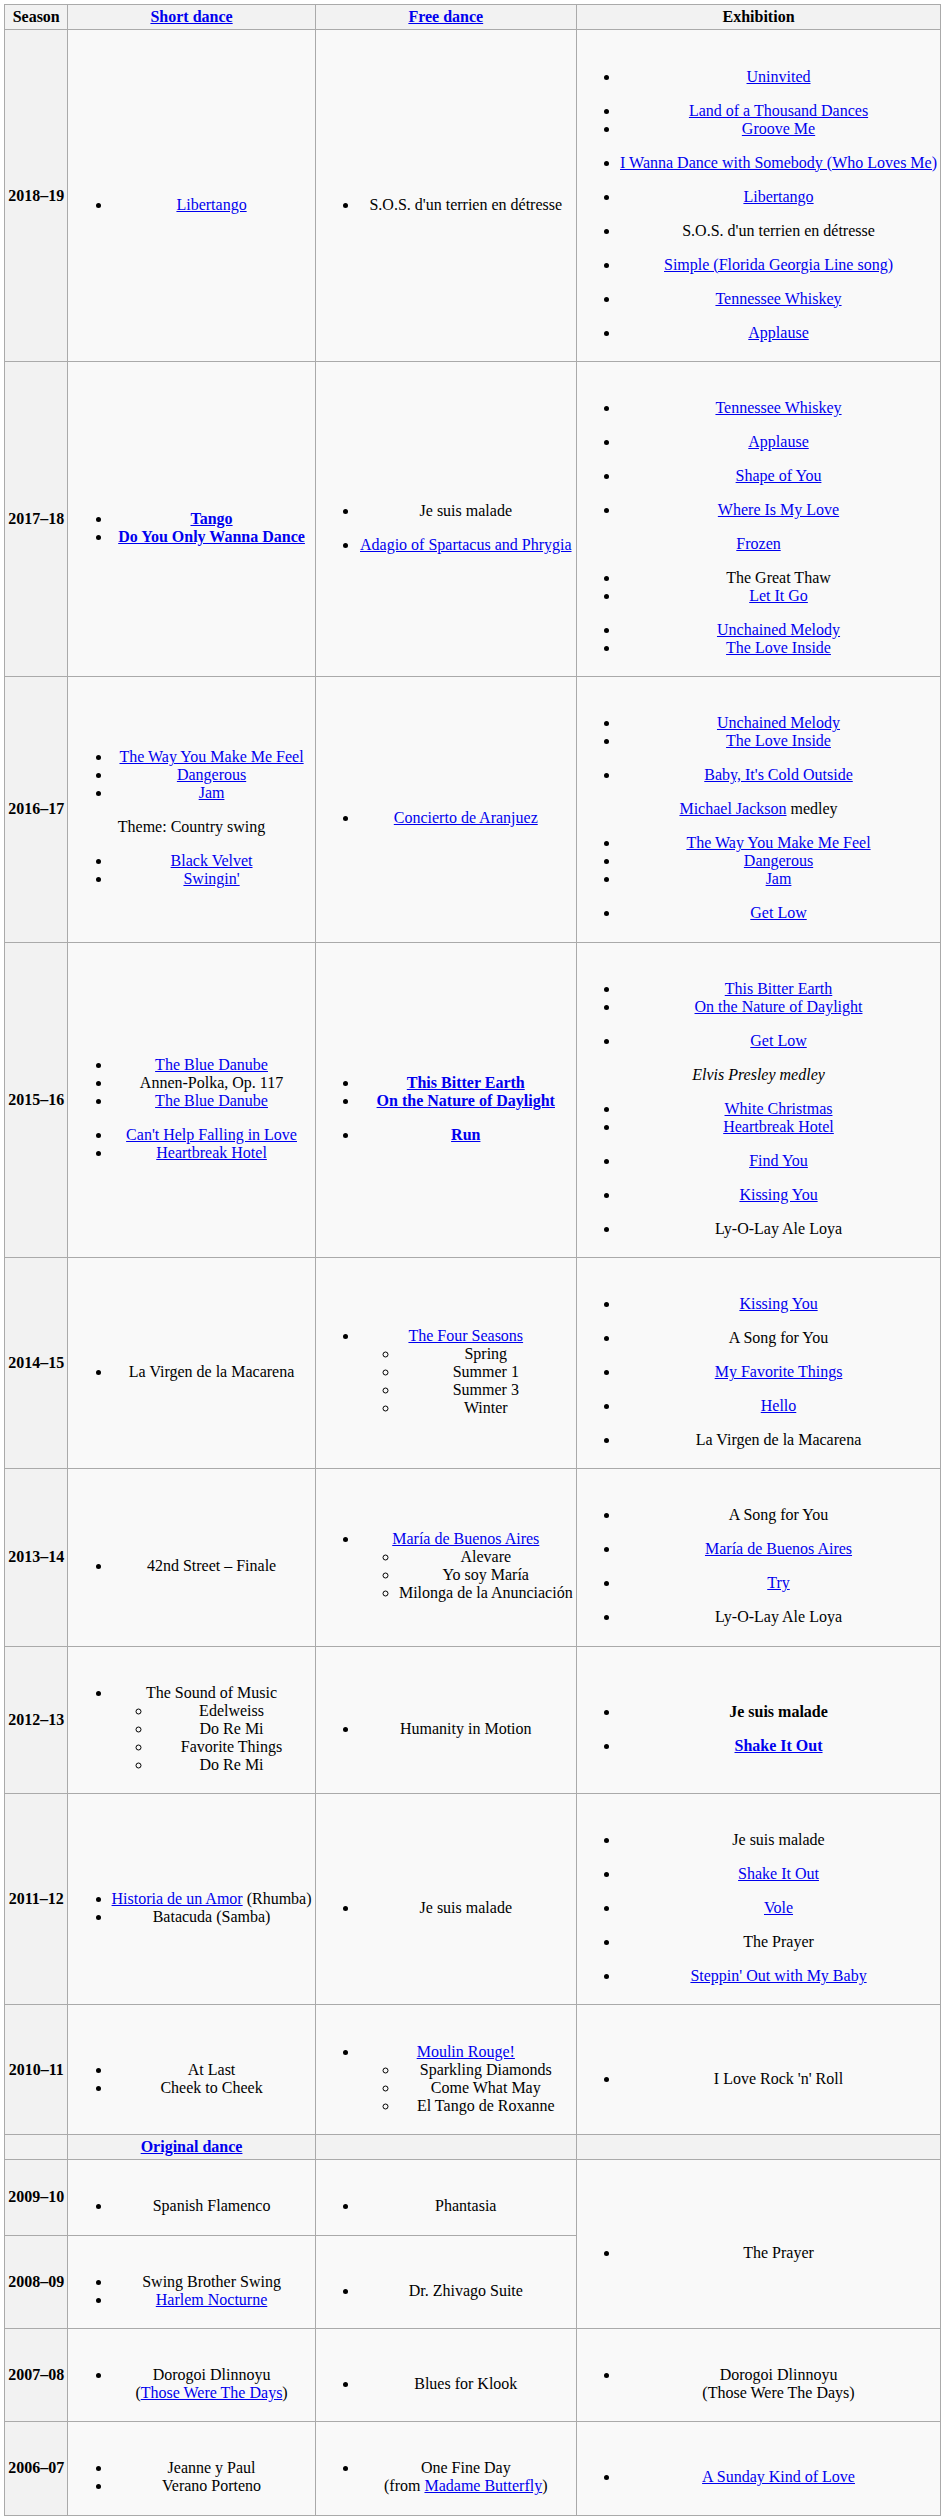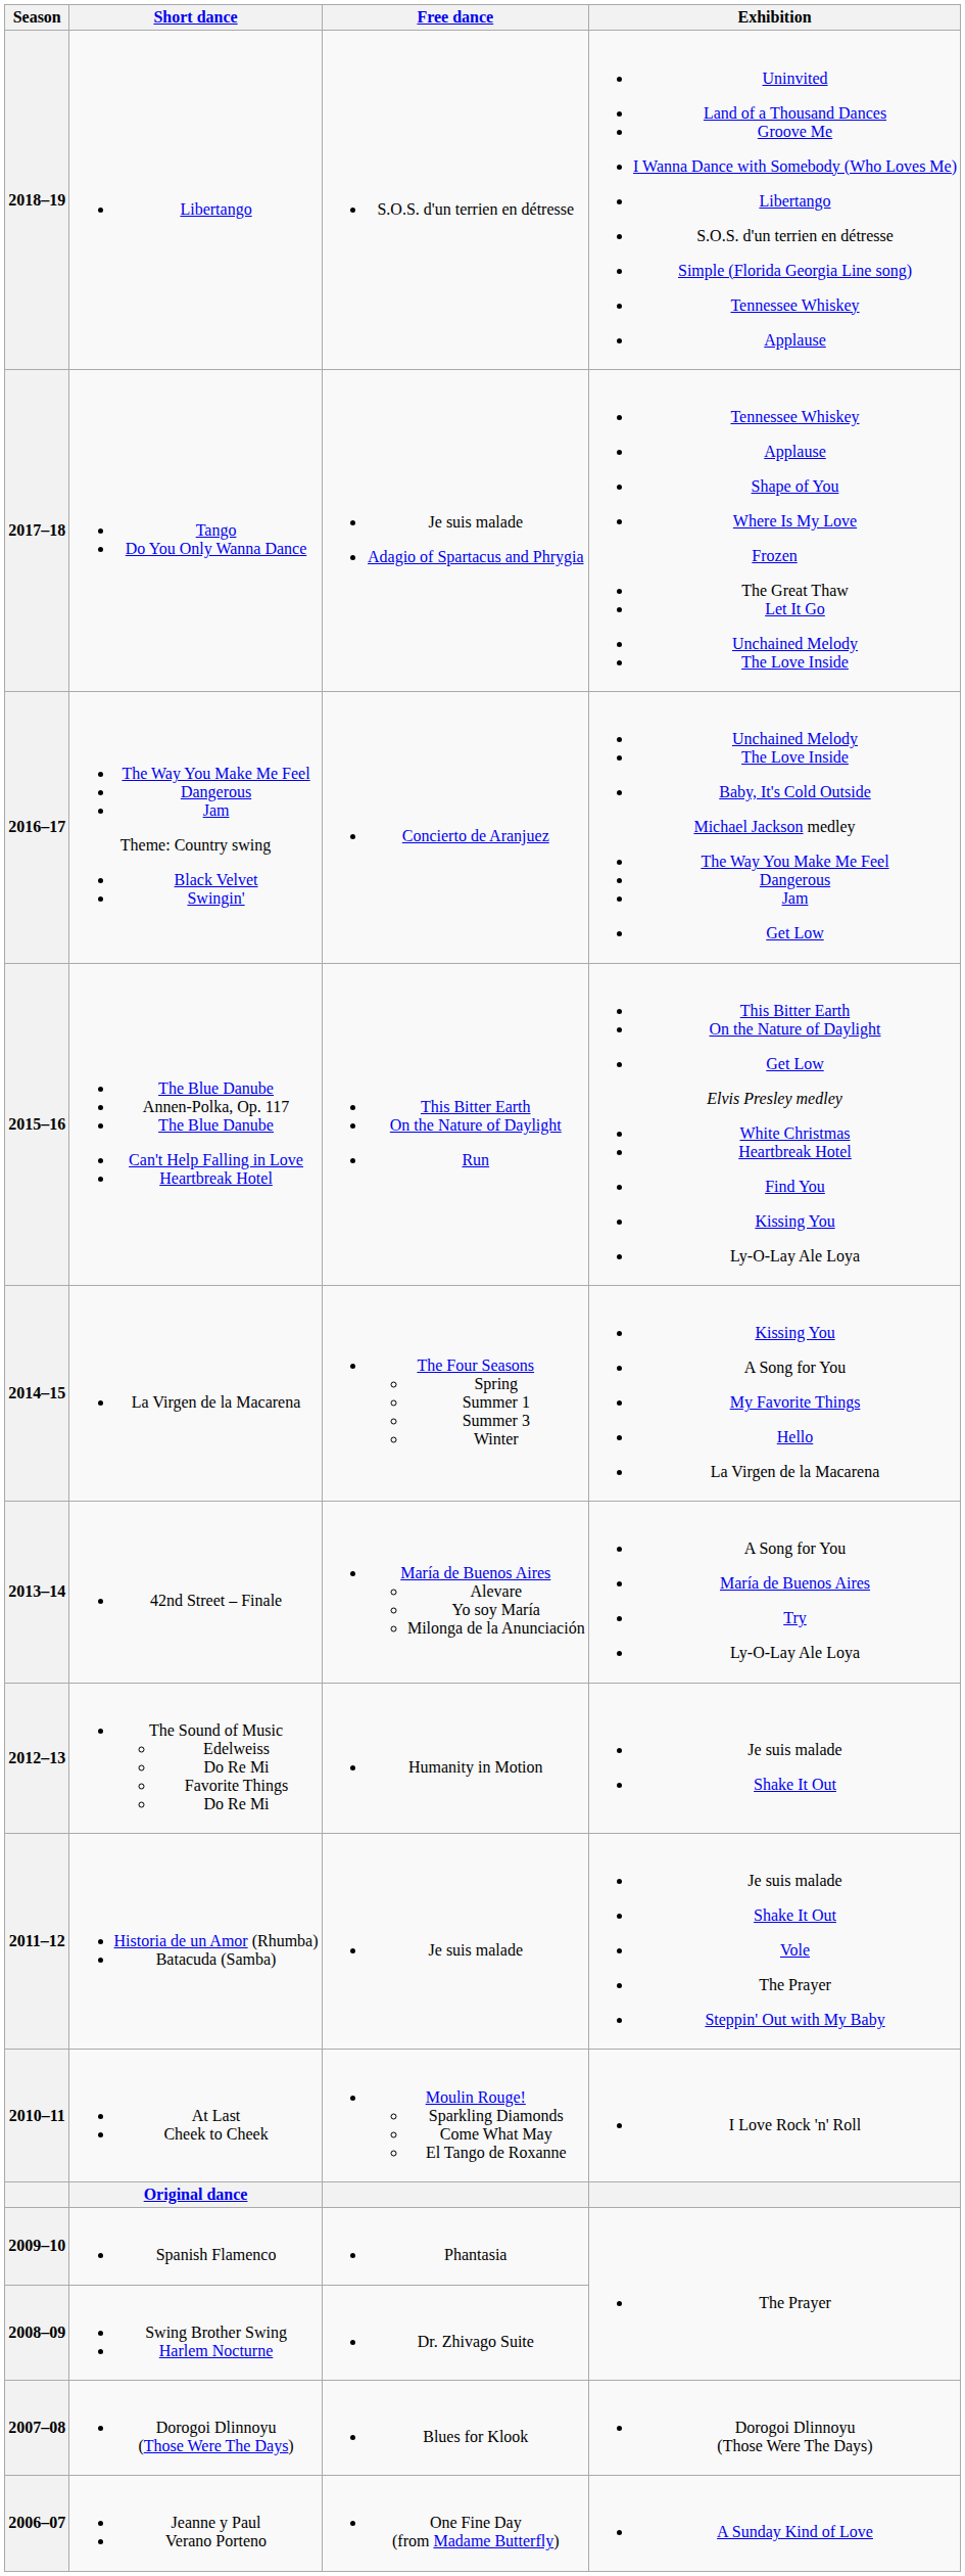 <table class="wikitable" style="text-align:center">
 <tr>
 <th>Season</th>
 <th><a href='#'>Short dance</a></th>
 <th><a href='#'>Free dance</a></th>
 <th>Exhibition</th>
 </tr>
 <tr>
 <th>2018–19 <br></th>
 <td><br><ul><li> <a href='#'>Libertango</a> <br></li></ul></td>
 <td><br><ul><li>S.O.S. d'un terrien en détresse <br></li></ul></td>
 <td><br><ul><li><a href='#'>Uninvited</a> <br></li></ul><ul><li><a href='#'>Land of a Thousand Dances</a> <br></li><li><a href='#'>Groove Me</a> <br></li></ul><ul><li><a href='#'>I Wanna Dance with Somebody (Who Loves Me)</a> <br></li></ul><ul><li><a href='#'>Libertango</a> <br></li></ul><ul><li>S.O.S. d'un terrien en détresse <br></li></ul><ul><li><a href='#'>Simple (Florida Georgia Line song)</a> <br></li></ul><ul><li><a href='#'>Tennessee Whiskey</a> <br></li></ul><ul><li><a href='#'>Applause</a> <br></li></ul></td>
 </tr>
 <tr>
 <th>2017–18 <br></th>
-<td><strong><br><ul><li> <a href='#'>Tango</a> <br></li><li> <a href='#'>Do You Only Wanna Dance</a> <br></li></ul></strong></td>
+<td><br><ul><li> <a href='#'>Tango</a> <br></li><li> <a href='#'>Do You Only Wanna Dance</a> <br></li></ul></td>
 <td><br><ul><li>Je suis malade <br></li></ul><ul><li><a href='#'>Adagio of Spartacus and Phrygia</a> <br></li></ul></td>
 <td><br><ul><li><a href='#'>Tennessee Whiskey</a> <br></li></ul><ul><li><a href='#'>Applause</a> <br></li></ul><ul><li><a href='#'>Shape of You</a> <br></li></ul><ul><li><a href='#'>Where Is My Love</a> <br></li></ul><a href='#'>Frozen</a><ul><li>The Great Thaw</li><li><a href='#'>Let It Go</a> <br></li></ul><ul><li><a href='#'>Unchained Melody</a> <br></li><li><a href='#'>The Love Inside</a> <br></li></ul></td>
 </tr>
 <tr>
 <th>2016–17 <br> </th>
 <td><br><ul><li> <a href='#'>The Way You Make Me Feel</a> <br></li><li> <a href='#'>Dangerous</a> <br></li><li> <a href='#'>Jam</a> <br></li></ul>Theme: Country swing<ul><li> <a href='#'>Black Velvet</a> <br></li><li> <a href='#'>Swingin'</a> <br></li></ul></td>
 <td><br><ul><li><a href='#'>Concierto de Aranjuez</a> <br></li></ul></td>
 <td><br><ul><li><a href='#'>Unchained Melody</a> <br></li><li><a href='#'>The Love Inside</a> <br></li></ul><ul><li><a href='#'>Baby, It's Cold Outside</a> <br></li></ul><a href='#'>Michael Jackson</a> medley<ul><li><a href='#'>The Way You Make Me Feel</a> <br> </li><li><a href='#'>Dangerous</a></li><li><a href='#'>Jam</a> <br> </li></ul><ul><li><a href='#'>Get Low</a> <br></li></ul></td>
 </tr>
 <tr>
 <th>2015–16 <br> </th>
 <td><br><ul><li> <a href='#'>The Blue Danube</a></li><li> Annen-Polka, Op. 117</li><li> <a href='#'>The Blue Danube</a> <br></li></ul><ul><li> <a href='#'>Can't Help Falling in Love</a></li><li> <a href='#'>Heartbreak Hotel</a> <br></li></ul></td>
-<td><strong><br><ul><li><a href='#'>This Bitter Earth</a></li><li><a href='#'>On the Nature of Daylight</a> <br></li></ul><ul><li><a href='#'>Run</a> <br></li></ul></strong></td>
+<td><br><ul><li><a href='#'>This Bitter Earth</a></li><li><a href='#'>On the Nature of Daylight</a> <br></li></ul><ul><li><a href='#'>Run</a> <br></li></ul></td>
 <td><br><ul><li><a href='#'>This Bitter Earth</a></li><li><a href='#'>On the Nature of Daylight</a> <br></li></ul><ul><li><a href='#'>Get Low</a> <br></li></ul><em>Elvis Presley medley</em><ul><li><a href='#'>White Christmas</a> <br></li><li><a href='#'>Heartbreak Hotel</a> <br></li></ul><ul><li><a href='#'>Find You</a> <br></li></ul><ul><li><a href='#'>Kissing You</a> <br></li></ul><ul><li>Ly-O-Lay Ale Loya <br></li></ul></td>
 </tr>
 <tr>
 <th>2014–15 <br> </th>
 <td><br><ul><li> La Virgen de la Macarena <br></li></ul></td>
 <td><br><ul><li><a href='#'>The Four Seasons</a> <br><ul><li>Spring</li><li>Summer 1</li><li>Summer 3</li><li>Winter <br></li></ul></li></ul></td>
 <td><br><ul><li><a href='#'>Kissing You</a> <br></li></ul><ul><li>A Song for You <br></li></ul><ul><li><a href='#'>My Favorite Things</a> <br></li></ul><ul><li><a href='#'>Hello</a></li></ul><ul><li>La Virgen de la Macarena <br></li></ul></td>
 </tr>
 <tr>
 <th>2013–14 <br> </th>
 <td><br><ul><li> 42nd Street – Finale <br></li></ul></td>
 <td><br><ul><li><a href='#'>María de Buenos Aires</a> <br><ul><li>Alevare</li><li>Yo soy María</li><li>Milonga de la Anunciación <br></li></ul></li></ul></td>
 <td><br><ul><li>A Song for You <br></li></ul><ul><li><a href='#'>María de Buenos Aires</a> <br></li></ul><ul><li><a href='#'>Try</a> <br></li></ul><ul><li>Ly-O-Lay Ale Loya <br></li></ul></td>
 </tr>
 <tr>
 <th>2012–13 <br> </th>
 <td><br><ul><li>The Sound of Music <br><ul><li> Edelweiss</li><li> Do Re Mi</li><li> Favorite Things</li><li> Do Re Mi</li></ul></li></ul></td>
 <td><br><ul><li>Humanity in Motion <br></li></ul></td>
-<td><strong><br><ul><li>Je suis malade <br></li></ul><ul><li><a href='#'>Shake It Out</a> <br></li></ul></strong></td>
+<td><br><ul><li>Je suis malade <br></li></ul><ul><li><a href='#'>Shake It Out</a> <br></li></ul></td>
 </tr>
 <tr>
 <th>2011–12 <br> </th>
 <td><br><ul><li><a href='#'>Historia de un Amor</a> (Rhumba) <br></li><li>Batacuda (Samba) <br></li></ul></td>
 <td><br><ul><li>Je suis malade <br></li></ul></td>
 <td><br><ul><li>Je suis malade <br></li></ul><ul><li><a href='#'>Shake It Out</a> <br></li></ul><ul><li><a href='#'>Vole</a> <br></li></ul><ul><li>The Prayer <br></li></ul><ul><li><a href='#'>Steppin' Out with My Baby</a> <br></li></ul></td>
 </tr>
 <tr>
 <th>2010–11 <br> </th>
 <td><br><ul><li>At Last <br></li><li>Cheek to Cheek <br></li></ul></td>
 <td><br><ul><li><a href='#'>Moulin Rouge!</a><ul><li>Sparkling Diamonds</li><li>Come What May</li><li>El Tango de Roxanne</li></ul></li></ul></td>
 <td><br><ul><li>I Love Rock 'n' Roll <br> </li></ul></td>
 </tr>
 <tr>
 <th></th>
 <th><a href='#'>Original dance</a></th>
 <th></th>
 <th></th>
 </tr>
 <tr>
 <th>2009–10 <br> </th>
 <td><br><ul><li>Spanish Flamenco <br></li></ul></td>
 <td><br><ul><li>Phantasia <br></li></ul></td>
 <td rowspan="2"><br><ul><li>The Prayer <br></li></ul></td>
 </tr>
 <tr>
 <th>2008–09 <br> </th>
 <td><br><ul><li>Swing Brother Swing</li><li><a href='#'>Harlem Nocturne</a> <br></li></ul></td>
 <td><br><ul><li>Dr. Zhivago Suite <br></li></ul></td>
 </tr>
 <tr>
 <th>2007–08 <br> </th>
 <td><br><ul><li>Dorogoi Dlinnoyu <br> (<a href='#'>Those Were The Days</a>) <br></li></ul></td>
 <td><br><ul><li>Blues for Klook <br></li></ul></td>
 <td><br><ul><li>Dorogoi Dlinnoyu <br> (Those Were The Days) <br></li></ul></td>
 </tr>
 <tr>
 <th>2006–07 <br> </th>
 <td><br><ul><li>Jeanne y Paul <br></li><li>Verano Porteno <br></li></ul></td>
 <td><br><ul><li>One Fine Day <br> (from <a href='#'>Madame Butterfly</a>) <br></li></ul></td>
 <td><br><ul><li><a href='#'>A Sunday Kind of Love</a> <br></li></ul></td>
 </tr>
 </table>
